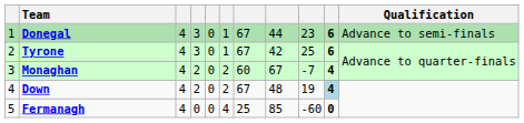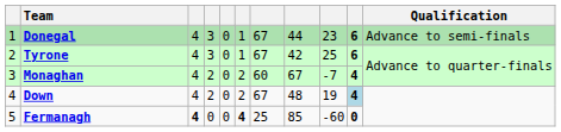 <table class="wikitable">
 <tr>
 <th width=10></th>
 <th width=170 style="text-align:left;">Team</th>
 <th width=10></th>
 <th width=10></th>
 <th width=10></th>
 <th width=10></th>
 <th width=30></th>
 <th width=30></th>
 <th width=10></th>
 <th width=10></th>
 <th>Qualification</th>
 </tr>
 <tr style="background:#ace1af">
 <td>1</td>
 <td align=left><strong> <a href='#'>Donegal</a></strong></td>
 <td>4</td>
 <td>3</td>
 <td>0</td>
 <td>1</td>
 <td>67</td>
 <td>44</td>
 <td>23</td>
 <td><strong>6</strong></td>
 <td>Advance to semi-finals</td>
 </tr>
 <tr style="background:#ccffcc">
 <td>2</td>
 <td align=left><strong> <a href='#'>Tyrone</a></strong></td>
 <td>4</td>
 <td>3</td>
 <td>0</td>
 <td>1</td>
 <td>67</td>
 <td>42</td>
 <td>25</td>
 <td><strong>6</strong></td>
 <td rowspan="2">Advance to quarter-finals</td>
 </tr>
 <tr style="background:#ccffcc">
 <td>3</td>
 <td align=left><strong> <a href='#'>Monaghan</a></strong></td>
 <td>4</td>
 <td>2</td>
 <td>0</td>
 <td>2</td>
 <td>60</td>
 <td>67</td>
 <td>-7</td>
 <td><strong>4</strong></td>
 </tr>
 <tr>
 <td>4</td>
 <td align=left><strong> <a href='#'>Down</a></strong></td>
 <td>4</td>
 <td>2</td>
 <td>0</td>
 <td>2</td>
 <td>67</td>
 <td>48</td>
 <td>19</td>
 <td style="background: lightblue;"><strong>4</strong></td>
 </tr>
 <tr>
 <td>5</td>
 <td align=left><strong> <a href='#'>Fermanagh</a></strong></td>
-<td>4</td>
+<td><strong>4</strong></td>
 <td>0</td>
 <td>0</td>
-<td>4</td>
+<td><strong>4</strong></td>
 <td>25</td>
 <td>85</td>
 <td>-60</td>
 <td><strong>0</strong></td>
 </tr>
 </table>
